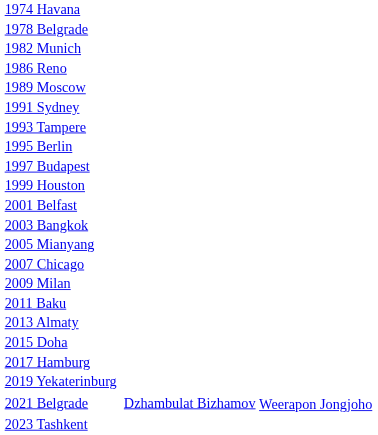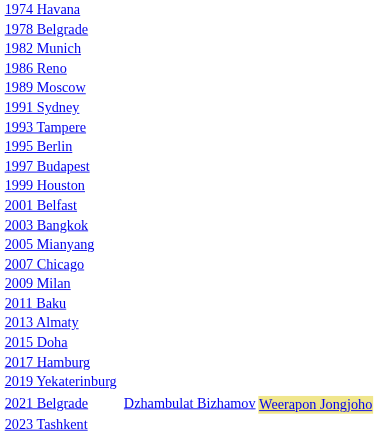 <table>
 <tr>
 <td rowspan=2><a href='#'>1974 Havana</a></td>
 <td rowspan=2></td>
 <td rowspan=2></td>
 <td></td>
 </tr>
 <tr>
 <td></td>
 </tr>
 <tr>
 <td rowspan=2><a href='#'>1978 Belgrade</a></td>
 <td rowspan=2></td>
 <td rowspan=2></td>
 <td></td>
 </tr>
 <tr>
 <td></td>
 </tr>
 <tr>
 <td rowspan=2><a href='#'>1982 Munich</a></td>
 <td rowspan=2></td>
 <td rowspan=2></td>
 <td></td>
 </tr>
 <tr>
 <td></td>
 </tr>
 <tr>
 <td rowspan=2><a href='#'>1986 Reno</a></td>
 <td rowspan=2></td>
 <td rowspan=2></td>
 <td></td>
 </tr>
 <tr>
 <td></td>
 </tr>
 <tr>
 <td rowspan=2><a href='#'>1989 Moscow</a></td>
 <td rowspan=2></td>
 <td rowspan=2></td>
 <td></td>
 </tr>
 <tr>
 <td></td>
 </tr>
 <tr>
 <td rowspan=2><a href='#'>1991 Sydney</a></td>
 <td rowspan=2></td>
 <td rowspan=2></td>
 <td></td>
 </tr>
 <tr>
 <td></td>
 </tr>
 <tr>
 <td rowspan=2><a href='#'>1993 Tampere</a></td>
 <td rowspan=2></td>
 <td rowspan=2></td>
 <td></td>
 </tr>
 <tr>
 <td></td>
 </tr>
 <tr>
 <td rowspan=2><a href='#'>1995 Berlin</a></td>
 <td rowspan=2></td>
 <td rowspan=2></td>
 <td></td>
 </tr>
 <tr>
 <td></td>
 </tr>
 <tr>
 <td rowspan=2><a href='#'>1997 Budapest</a></td>
 <td rowspan=2></td>
 <td rowspan=2></td>
 <td></td>
 </tr>
 <tr>
 <td></td>
 </tr>
 <tr>
 <td rowspan=2><a href='#'>1999 Houston</a></td>
 <td rowspan=2></td>
 <td rowspan=2></td>
 <td></td>
 </tr>
 <tr>
 <td></td>
 </tr>
 <tr>
 <td rowspan=2><a href='#'>2001 Belfast</a></td>
 <td rowspan=2></td>
 <td rowspan=2></td>
 <td></td>
 </tr>
 <tr>
 <td></td>
 </tr>
 <tr>
 <td rowspan=2><a href='#'>2003 Bangkok</a></td>
 <td rowspan=2></td>
 <td rowspan=2></td>
 <td></td>
 </tr>
 <tr>
 <td></td>
 </tr>
 <tr>
 <td rowspan=2><a href='#'>2005 Mianyang</a></td>
 <td rowspan=2></td>
 <td rowspan=2></td>
 <td></td>
 </tr>
 <tr>
 <td></td>
 </tr>
 <tr>
 <td rowspan=2><a href='#'>2007 Chicago</a></td>
 <td rowspan=2></td>
 <td rowspan=2></td>
 <td></td>
 </tr>
 <tr>
 <td></td>
 </tr>
 <tr>
 <td rowspan=2><a href='#'>2009 Milan</a></td>
 <td rowspan=2></td>
 <td rowspan=2></td>
 <td></td>
 </tr>
 <tr>
 <td></td>
 </tr>
 <tr>
 <td rowspan=2><a href='#'>2011 Baku</a></td>
 <td rowspan=2></td>
 <td rowspan=2></td>
 <td></td>
 </tr>
 <tr>
 <td></td>
 </tr>
 <tr>
 <td rowspan=2><a href='#'>2013 Almaty</a></td>
 <td rowspan=2></td>
 <td rowspan=2></td>
 <td></td>
 </tr>
 <tr>
 <td></td>
 </tr>
 <tr>
 <td rowspan=2><a href='#'>2015 Doha</a></td>
 <td rowspan=2></td>
 <td rowspan=2></td>
 <td></td>
 </tr>
 <tr>
 <td></td>
 </tr>
 <tr>
 <td rowspan=2><a href='#'>2017 Hamburg</a></td>
 <td rowspan=2></td>
 <td rowspan=2></td>
 <td></td>
 </tr>
 <tr>
 <td></td>
 </tr>
 <tr>
 <td rowspan=2><a href='#'>2019 Yekaterinburg</a></td>
 <td rowspan=2></td>
 <td rowspan=2></td>
 <td></td>
 </tr>
 <tr>
 <td></td>
 </tr>
 <tr>
 <td rowspan=2><a href='#'>2021 Belgrade</a></td>
 <td rowspan=2></td>
 <td rowspan=2> <a href='#'>Dzhambulat Bizhamov</a> </td>
 <td></td>
 </tr>
 <tr>
-<td><a href='#'>Weerapon Jongjoho</a> </td>
+<td style="background: khaki;"><a href='#'>Weerapon Jongjoho</a> </td>
 </tr>
 <tr>
 <td rowspan=2><a href='#'>2023 Tashkent</a></td>
 <td rowspan=2></td>
 <td rowspan=2></td>
 <td></td>
 </tr>
 <tr>
 <td></td>
 </tr>
 </table>
